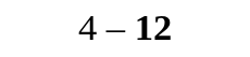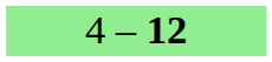 <table style="text-align:center">
 <tr>
 <th width=200></th>
 <th width=100></th>
 <th width=200></th>
 </tr>
 <tr>
 <td align=right></td>
-<td>4 – <strong>12</strong></td>
+<td style="background: lightgreen;">4 – <strong>12</strong></td>
 <td align=left><strong></strong></td>
 </tr>
 </table>
